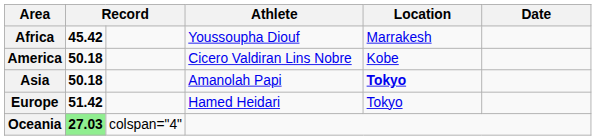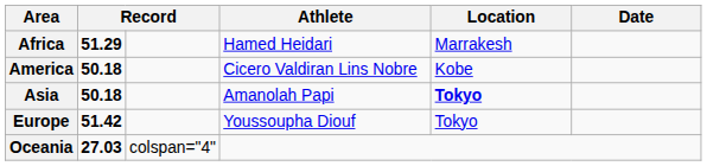 <table class="wikitable">
 <tr>
 <th width="45">Area</th>
 <th width="80" colspan="2">Record</th>
 <th width="200">Athlete</th>
 <th width="130">Location</th>
 <th width="120">Date</th>
 </tr>
 <tr>
 <th>Africa</th>
-<td align="center"><strong>45.42</strong></td>
+<td align="center"><strong>51.29</strong></td>
 <td align="center"></td>
-<td> <a href='#'>Youssoupha Diouf</a></td>
+<td> <a href='#'>Hamed Heidari</a></td>
 <td> <a href='#'>Marrakesh</a></td>
 <td align="right"></td>
 </tr>
 <tr>
 <th>America</th>
 <td align="center"><strong>50.18</strong></td>
 <td align="center"></td>
 <td> <a href='#'>Cicero Valdiran Lins Nobre</a></td>
 <td> <a href='#'>Kobe</a></td>
 <td align="right"></td>
 </tr>
 <tr>
 <th>Asia</th>
 <td align="center"><strong>50.18</strong></td>
 <td align="center"></td>
 <td> <a href='#'>Amanolah Papi</a></td>
 <td><strong> <a href='#'>Tokyo</a></strong></td>
 <td align="right"></td>
 </tr>
 <tr>
 <th>Europe</th>
 <td align="center"><strong>51.42</strong></td>
 <td align="center"><strong></strong></td>
-<td> <a href='#'>Hamed Heidari</a></td>
+<td> <a href='#'>Youssoupha Diouf</a></td>
 <td> <a href='#'>Tokyo</a></td>
 <td align="right"></td>
 </tr>
 <tr>
 <th>Oceania</th>
-<td align="center" style="background: lightgreen;"><strong>27.03</strong></td>
+<td align="center"><strong>27.03</strong></td>
 <td>colspan="4" </td>
 </tr>
 </table>
